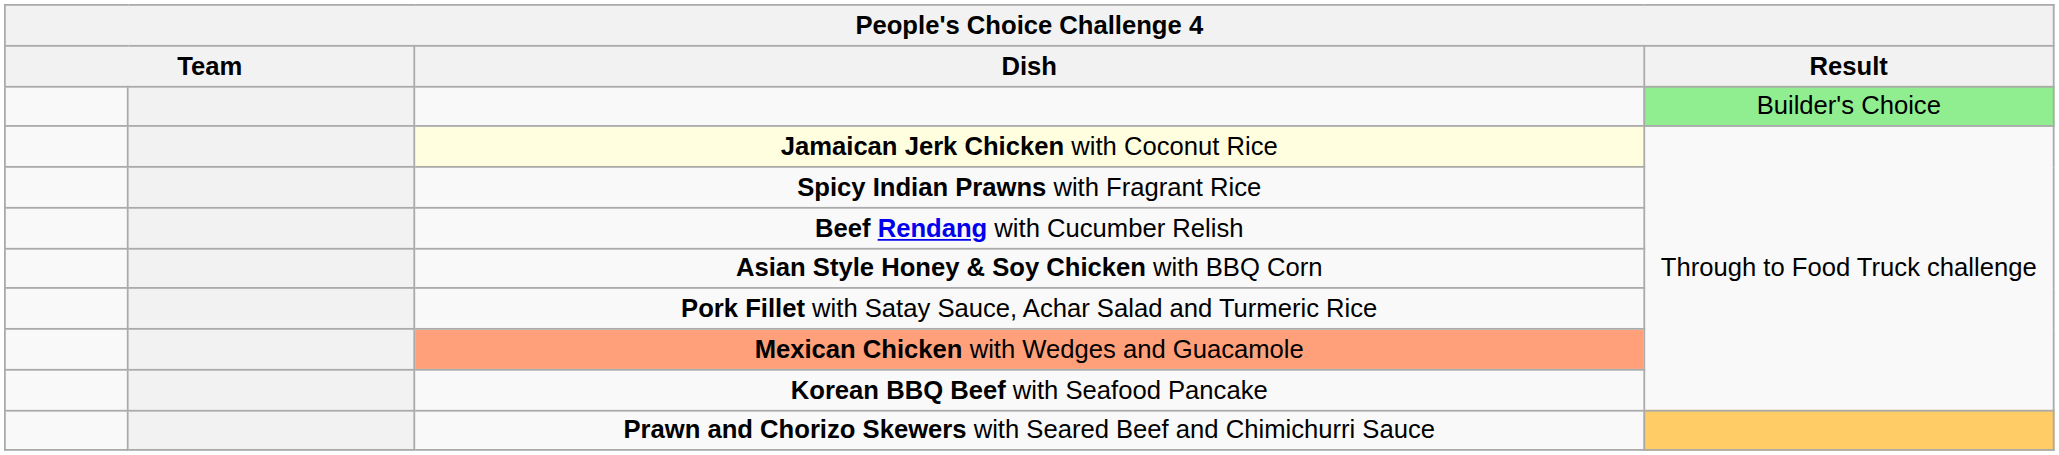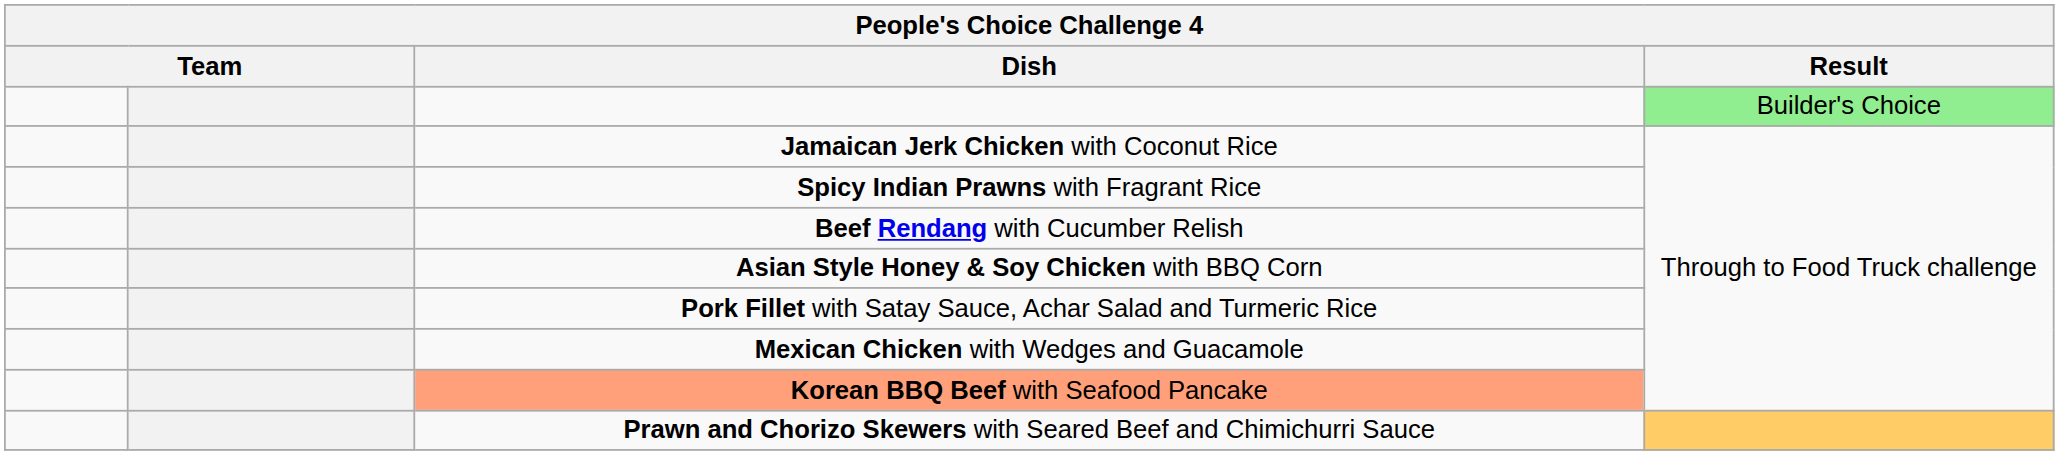 <table class="wikitable plainrowheaders" style="margin:1em auto; text-align:center; font-size:90%; width:80em;">
 <tr>
 <th colspan="4" >People's Choice Challenge 4</th>
 </tr>
 <tr>
 <th style="width:20%;" colspan="2">Team</th>
 <th style="width:60%;">Dish</th>
 <th style="width:20%;">Result</th>
 </tr>
 <tr>
 <td></td>
 <th style="width:14%;"></th>
 <td></td>
 <td style="background:lightgreen">Builder's Choice</td>
 </tr>
 <tr>
 <td></td>
 <th></th>
-<td style="background: lightyellow;"><strong>Jamaican Jerk Chicken</strong> with Coconut Rice</td>
+<td><strong>Jamaican Jerk Chicken</strong> with Coconut Rice</td>
 <td rowspan="7">Through to Food Truck challenge</td>
 </tr>
 <tr>
 <td></td>
 <th></th>
 <td><strong>Spicy Indian Prawns</strong> with Fragrant Rice</td>
 </tr>
 <tr>
 <td></td>
 <th></th>
 <td><strong>Beef <a href='#'>Rendang</a></strong> with Cucumber Relish</td>
 </tr>
 <tr>
 <td></td>
 <th></th>
 <td><strong>Asian Style Honey & Soy Chicken</strong> with BBQ Corn</td>
 </tr>
 <tr>
 <td></td>
 <th></th>
 <td><strong>Pork Fillet</strong> with Satay Sauce, Achar Salad and Turmeric Rice</td>
 </tr>
 <tr>
 <td></td>
 <th></th>
-<td style="background: lightsalmon;"><strong>Mexican Chicken</strong> with Wedges and Guacamole</td>
+<td><strong>Mexican Chicken</strong> with Wedges and Guacamole</td>
 </tr>
 <tr>
 <td></td>
 <th></th>
-<td><strong>Korean BBQ Beef</strong> with Seafood Pancake</td>
+<td style="background: lightsalmon;"><strong>Korean BBQ Beef</strong> with Seafood Pancake</td>
 </tr>
 <tr>
 <td></td>
 <th></th>
 <td><strong>Prawn and Chorizo Skewers</strong> with Seared Beef and Chimichurri Sauce</td>
 <td style="background:#fc6;"></td>
 </tr>
 </table>
